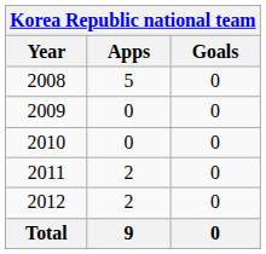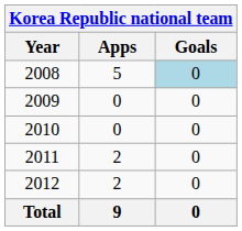 <table class="wikitable" style="text-align:center">
 <tr>
 <th colspan=3><a href='#'>Korea Republic national team</a></th>
 </tr>
 <tr>
 <th>Year</th>
 <th>Apps</th>
 <th>Goals</th>
 </tr>
 <tr>
 <td>2008</td>
 <td>5</td>
-<td>0</td>
+<td style="background: lightblue;">0</td>
 </tr>
 <tr>
 <td>2009</td>
 <td>0</td>
 <td>0</td>
 </tr>
 <tr>
 <td>2010</td>
 <td>0</td>
 <td>0</td>
 </tr>
 <tr>
 <td>2011</td>
 <td>2</td>
 <td>0</td>
 </tr>
 <tr>
 <td>2012</td>
 <td>2</td>
 <td>0</td>
 </tr>
 <tr>
 <th>Total</th>
 <th>9</th>
 <th>0</th>
 </tr>
 </table>
